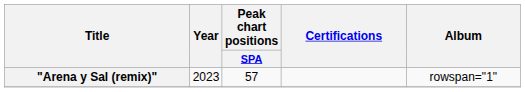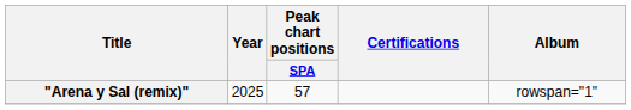 <table class="wikitable plainrowheaders" style="text-align:center;">
 <tr>
 <th scope="col" rowspan="2" style="width:15em;">Title</th>
 <th scope="col" rowspan="2" style="width:1em;">Year</th>
 <th scope="col" colspan="1">Peak chart positions</th>
 <th scope="col" rowspan="2" style="width:10em;"><a href='#'>Certifications</a></th>
 <th scope="col" rowspan="2" style="width:9em;">Album</th>
 </tr>
 <tr>
 <th scope="col" style="width:3em;font-size:90%;"><a href='#'>SPA</a></th>
 </tr>
 <tr>
 <th scope="row">"Arena y Sal (remix)"<br></th>
-<td>2023</td>
+<td>2025</td>
 <td>57</td>
 <td></td>
 <td>rowspan="1" </td>
 </tr>
 <tr>
 </tr>
 </table>
